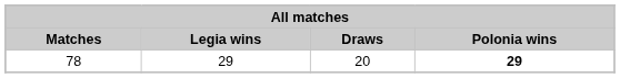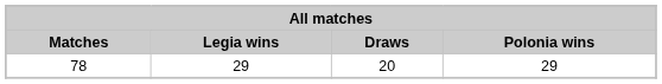 <table cellspacing="4" cellpadding="3" style="width:50%;border:solid 2px silver;font-size:90%" rules="all">
 <tr>
 <td colspan="4"  style="text-align:center; background:#ccc;"><strong>All matches</strong></td>
 </tr>
 <tr style="text-align:center">
 <th style="background:#ccc;">Matches</th>
 <th style="background:#ccc;">Legia wins</th>
 <th style="background:#ccc;">Draws</th>
 <th style="background:#ccc;">Polonia wins</th>
 </tr>
 <tr style="text-align:center">
 <td>78</td>
 <td>29</td>
 <td>20</td>
-<td><strong>29</strong></td>
+<td>29</td>
 </tr>
 </table>
